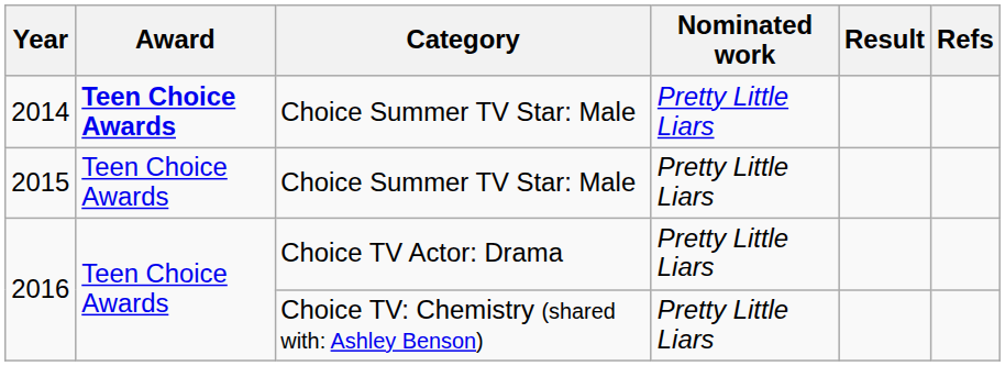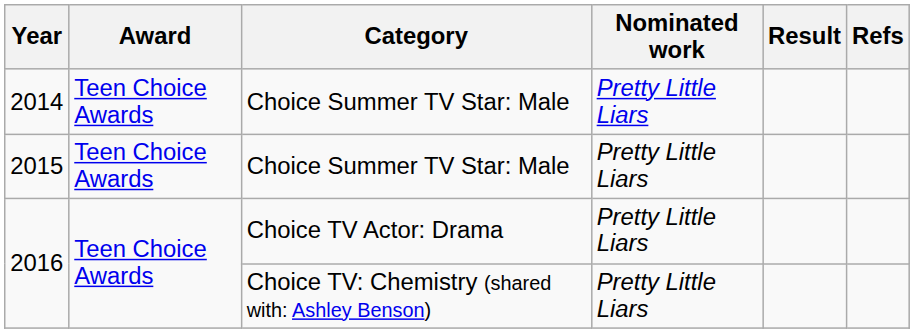 <table class="wikitable">
 <tr>
 <th>Year</th>
 <th>Award</th>
 <th>Category</th>
 <th>Nominated work</th>
 <th>Result</th>
 <th>Refs</th>
 </tr>
 <tr>
 <td>2014</td>
-<td><strong><a href='#'>Teen Choice Awards</a></strong></td>
+<td><a href='#'>Teen Choice Awards</a></td>
 <td>Choice Summer TV Star: Male</td>
 <td><em><a href='#'>Pretty Little Liars</a></em></td>
 <td></td>
 <td style="text-align:center;"></td>
 </tr>
 <tr>
 <td>2015</td>
 <td><a href='#'>Teen Choice Awards</a></td>
 <td>Choice Summer TV Star: Male</td>
 <td><em>Pretty Little Liars</em></td>
 <td></td>
 <td style="text-align:center;"></td>
 </tr>
 <tr>
 <td rowspan="2">2016</td>
 <td rowspan="2"><a href='#'>Teen Choice Awards</a></td>
 <td>Choice TV Actor: Drama</td>
 <td><em>Pretty Little Liars</em></td>
 <td></td>
 <td style="text-align:center;"></td>
 </tr>
 <tr>
 <td>Choice TV: Chemistry <small>(shared with: <a href='#'>Ashley Benson</a>)</small></td>
 <td><em>Pretty Little Liars</em></td>
 <td></td>
 <td style="text-align:center;"></td>
 </tr>
 </table>
